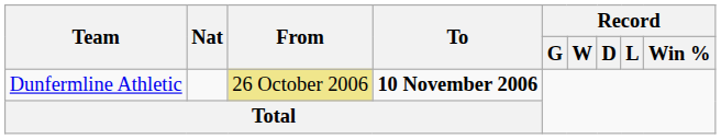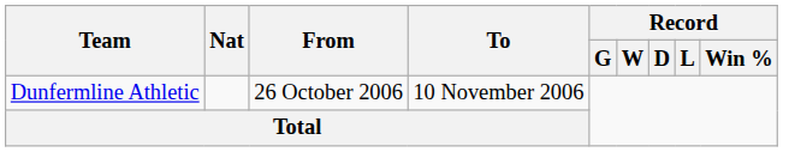 <table class="wikitable" style="text-align: center">
 <tr>
 <th rowspan="2">Team</th>
 <th rowspan="2">Nat</th>
 <th rowspan="2">From</th>
 <th rowspan="2">To</th>
 <th colspan="5">Record</th>
 </tr>
 <tr>
 <th>G</th>
 <th>W</th>
 <th>D</th>
 <th>L</th>
 <th>Win %</th>
 </tr>
 <tr>
 <td align=left><a href='#'>Dunfermline Athletic</a></td>
 <td></td>
-<td align=left style="background: khaki;">26 October 2006</td>
-<td align=left><strong>10 November 2006<br></strong></td>
+<td align=left>26 October 2006</td>
+<td align=left>10 November 2006<br></td>
 </tr>
 <tr>
 <th colspan="4">Total<br></th>
 </tr>
 </table>
